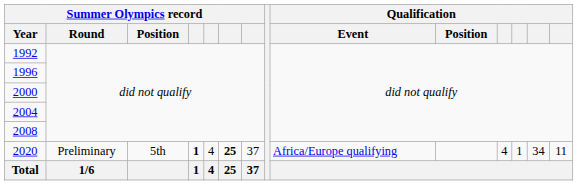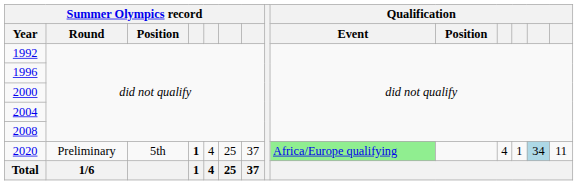 <table class="wikitable" style="text-align:center;">
 <tr>
 <th colspan=7><a href='#'>Summer Olympics</a> record</th>
 <th rowspan=9 style="width:1%;"></th>
 <th colspan=6>Qualification</th>
 </tr>
 <tr>
 <th>Year</th>
 <th>Round</th>
 <th>Position</th>
 <th></th>
 <th></th>
 <th></th>
 <th></th>
 <th>Event</th>
 <th>Position</th>
 <th></th>
 <th></th>
 <th></th>
 <th></th>
 </tr>
 <tr>
 <td> <a href='#'>1992</a></td>
 <td rowspan=5 colspan=6 align=center><em>did not qualify</em></td>
 <td rowspan=5 colspan=6 align=center><em>did not qualify</em></td>
 </tr>
 <tr>
 <td> <a href='#'>1996</a></td>
 </tr>
 <tr>
 <td> <a href='#'>2000</a></td>
 </tr>
 <tr>
 <td> <a href='#'>2004</a></td>
 </tr>
 <tr>
 <td> <a href='#'>2008</a></td>
 </tr>
 <tr>
 <td> <a href='#'>2020</a></td>
 <td>Preliminary</td>
 <td>5th</td>
 <td><strong>1</strong></td>
 <td>4</td>
-<td><strong>25</strong></td>
+<td>25</td>
 <td>37</td>
-<td align=left><a href='#'>Africa/Europe qualifying</a></td>
+<td align=left style="background: lightgreen;"><a href='#'>Africa/Europe qualifying</a></td>
 <td></td>
 <td>4</td>
 <td>1</td>
-<td>34</td>
+<td style="background: lightblue;">34</td>
 <td>11</td>
 </tr>
 <tr>
 <th>Total</th>
 <th>1/6</th>
 <th></th>
 <th>1</th>
 <th>4</th>
 <th>25</th>
 <th>37</th>
 <th colspan=6></th>
 </tr>
 </table>
